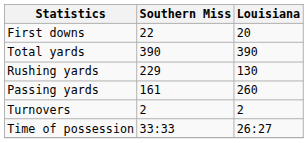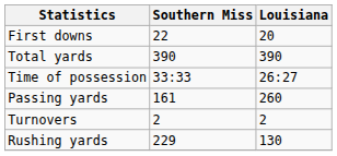 <table class="wikitable">
 <tr>
 <th>Statistics</th>
 <th>Southern Miss</th>
 <th>Louisiana</th>
 </tr>
 <tr>
 <td>First downs</td>
 <td>22</td>
 <td>20</td>
 </tr>
 <tr>
 <td>Total yards</td>
 <td>390</td>
 <td>390</td>
 </tr>
 <tr>
-<td>Rushing yards</td>
-<td>229</td>
-<td>130</td>
+<td>Time of possession</td>
+<td>33:33</td>
+<td>26:27</td>
 </tr>
 <tr>
 <td>Passing yards</td>
 <td>161</td>
 <td>260</td>
 </tr>
 <tr>
 <td>Turnovers</td>
 <td>2</td>
 <td>2</td>
 </tr>
 <tr>
-<td>Time of possession</td>
-<td>33:33</td>
-<td>26:27</td>
+<td>Rushing yards</td>
+<td>229</td>
+<td>130</td>
 </tr>
 <tr>
 </tr>
 </table>
